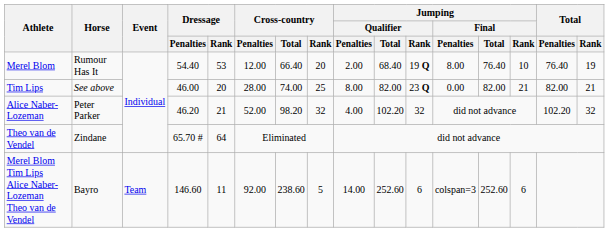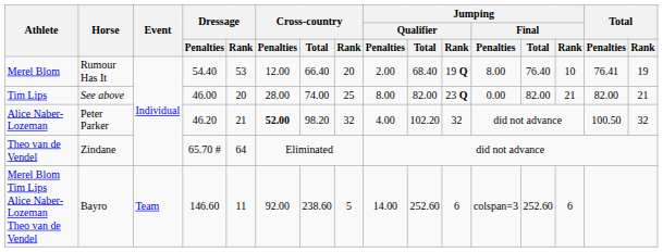 <table class=wikitable style="font-size:90%">
 <tr>
 <th rowspan=3>Athlete</th>
 <th rowspan=3>Horse</th>
 <th rowspan=3>Event</th>
 <th colspan=2 rowspan=2>Dressage</th>
 <th colspan=3 rowspan=2>Cross-country</th>
 <th colspan=6>Jumping</th>
 <th colspan=2 rowspan=2>Total</th>
 </tr>
 <tr style="font-size:95%">
 <th colspan=3>Qualifier</th>
 <th colspan=3>Final</th>
 </tr>
 <tr style="font-size:95%">
 <th>Penalties</th>
 <th>Rank</th>
 <th>Penalties</th>
 <th>Total</th>
 <th>Rank</th>
 <th>Penalties</th>
 <th>Total</th>
 <th>Rank</th>
 <th>Penalties</th>
 <th>Total</th>
 <th>Rank</th>
 <th>Penalties</th>
 <th>Rank</th>
 </tr>
 <tr align=center>
 <td align=left><a href='#'>Merel Blom</a></td>
 <td align=left>Rumour Has It</td>
 <td align=left rowspan=4><a href='#'>Individual</a></td>
 <td>54.40</td>
 <td>53</td>
 <td>12.00</td>
 <td>66.40</td>
 <td>20</td>
 <td>2.00</td>
 <td>68.40</td>
 <td>19 <strong>Q</strong></td>
 <td>8.00</td>
 <td>76.40</td>
 <td>10</td>
-<td>76.40</td>
+<td>76.41</td>
 <td>19</td>
 </tr>
 <tr align=center>
 <td align=left><a href='#'>Tim Lips</a></td>
 <td align=left><em>See above</em></td>
 <td>46.00</td>
 <td>20</td>
 <td>28.00</td>
 <td>74.00</td>
 <td>25</td>
 <td>8.00</td>
 <td>82.00</td>
 <td>23 <strong>Q</strong></td>
 <td>0.00</td>
 <td>82.00</td>
 <td>21</td>
 <td>82.00</td>
 <td>21</td>
 </tr>
 <tr align=center>
 <td align=left><a href='#'>Alice Naber-Lozeman</a></td>
 <td align=left>Peter Parker</td>
 <td>46.20</td>
 <td>21</td>
-<td>52.00</td>
+<td><strong>52.00</strong></td>
 <td>98.20</td>
 <td>32</td>
 <td>4.00</td>
 <td>102.20</td>
 <td>32</td>
 <td colspan=3>did not advance</td>
-<td>102.20</td>
+<td>100.50</td>
 <td>32</td>
 </tr>
 <tr align=center>
 <td align=left><a href='#'>Theo van de Vendel</a></td>
 <td align=left>Zindane</td>
 <td>65.70 #</td>
 <td>64</td>
 <td colspan=3>Eliminated</td>
 <td colspan=8>did not advance</td>
 </tr>
 <tr align=center>
 <td align=left><a href='#'>Merel Blom</a><br><a href='#'>Tim Lips</a><br><a href='#'>Alice Naber-Lozeman</a><br><a href='#'>Theo van de Vendel</a></td>
 <td align=left>Bayro</td>
 <td align=left><a href='#'>Team</a></td>
 <td>146.60</td>
 <td>11</td>
 <td>92.00</td>
 <td>238.60</td>
 <td>5</td>
 <td>14.00</td>
 <td>252.60</td>
 <td>6</td>
 <td>colspan=3 </td>
 <td>252.60</td>
 <td>6</td>
 </tr>
 </table>
